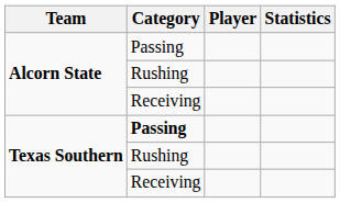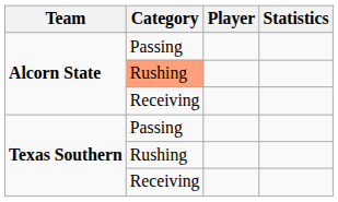 <table class="wikitable" style="float: left;">
 <tr>
 <th>Team</th>
 <th>Category</th>
 <th>Player</th>
 <th>Statistics</th>
 </tr>
 <tr>
 <td rowspan=3><strong>Alcorn State</strong></td>
 <td>Passing</td>
 <td> </td>
 <td> </td>
 </tr>
 <tr>
-<td>Rushing</td>
+<td style="background: lightsalmon;">Rushing</td>
 <td> </td>
 <td> </td>
 </tr>
 <tr>
 <td>Receiving</td>
 <td> </td>
 <td> </td>
 </tr>
 <tr>
 <td rowspan=3><strong>Texas Southern</strong></td>
-<td><strong>Passing</strong></td>
+<td>Passing</td>
 <td> </td>
 <td> </td>
 </tr>
 <tr>
 <td>Rushing</td>
 <td> </td>
 <td> </td>
 </tr>
 <tr>
 <td>Receiving</td>
 <td> </td>
 <td> </td>
 </tr>
 </table>
